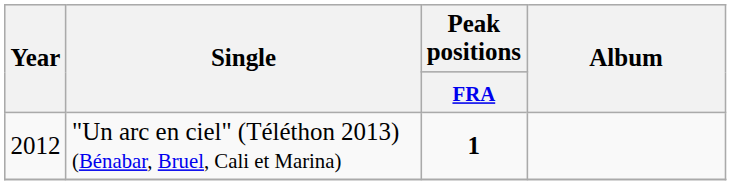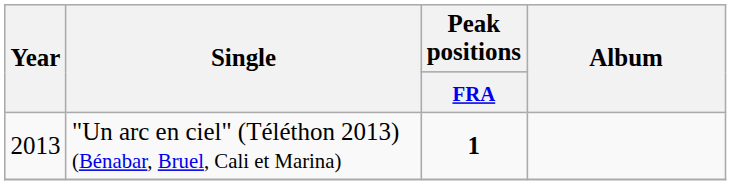 <table class="wikitable">
 <tr>
 <th align="center" rowspan="2" width="10">Year</th>
 <th align="center" rowspan="2" width="220">Single</th>
 <th align="center" colspan="1" width="30">Peak positions</th>
 <th align="center" rowspan="2" width="120">Album</th>
 </tr>
 <tr>
 <th width="20"><small><a href='#'>FRA</a></small><br></th>
 </tr>
 <tr>
-<td align="center" rowspan="1">2012</td>
+<td align="center" rowspan="1">2013</td>
 <td>"Un arc en ciel" (Téléthon 2013) <br><small>(<a href='#'>Bénabar</a>, <a href='#'>Bruel</a>, Cali et Marina)</small></td>
 <td align="center"><strong>1</strong></td>
 <td align="center"></td>
 </tr>
 <tr>
 </tr>
 </table>
